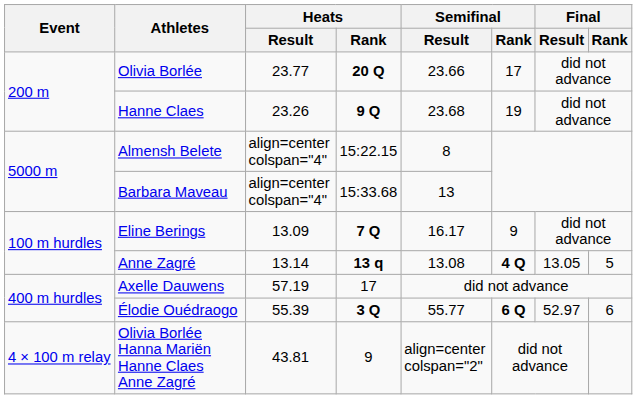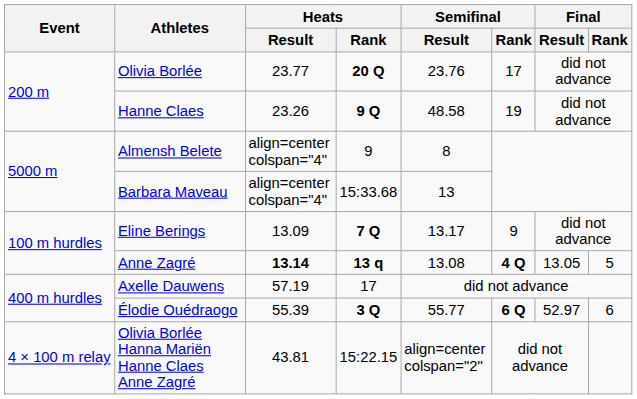 <table class="wikitable" border="1" style="font-size:90%">
 <tr>
 <th rowspan="2" width=100>Event</th>
 <th rowspan="2" width=120>Athletes</th>
 <th colspan="2">Heats</th>
 <th colspan="2">Semifinal</th>
 <th colspan="2">Final</th>
 </tr>
 <tr>
 <th>Result</th>
 <th>Rank</th>
 <th>Result</th>
 <th>Rank</th>
 <th>Result</th>
 <th>Rank</th>
 </tr>
 <tr>
 <td rowspan=2><a href='#'>200 m</a></td>
 <td><a href='#'>Olivia Borlée</a></td>
 <td align=center>23.77</td>
 <td align=center><strong>20 Q</strong></td>
-<td align=center>23.66</td>
+<td align=center>23.76</td>
 <td align=center>17</td>
 <td align=center colspan="2">did not advance</td>
 </tr>
 <tr>
 <td><a href='#'>Hanne Claes</a></td>
 <td align=center>23.26</td>
 <td align=center><strong>9 Q</strong></td>
-<td align=center>23.68</td>
+<td align=center>48.58</td>
 <td align=center>19</td>
 <td align=center colspan="2">did not advance</td>
 </tr>
 <tr>
 <td rowspan=2><a href='#'>5000 m</a></td>
 <td><a href='#'>Almensh Belete</a></td>
 <td>align=center colspan="4" </td>
-<td align=center>15:22.15</td>
+<td align=center>9</td>
 <td align=center>8</td>
 </tr>
 <tr>
 <td><a href='#'>Barbara Maveau</a></td>
 <td>align=center colspan="4" </td>
 <td align=center>15:33.68</td>
 <td align=center>13</td>
 </tr>
 <tr>
 <td rowspan=2><a href='#'>100 m hurdles</a></td>
 <td><a href='#'>Eline Berings</a></td>
 <td align=center>13.09</td>
 <td align=center><strong>7 Q</strong></td>
-<td align=center>16.17</td>
+<td align=center>13.17</td>
 <td align=center>9</td>
 <td align=center colspan="2">did not advance</td>
 </tr>
 <tr>
 <td><a href='#'>Anne Zagré</a></td>
-<td align=center>13.14</td>
+<td align=center><strong>13.14</strong></td>
 <td align=center><strong>13 q</strong></td>
 <td align=center>13.08</td>
 <td align=center><strong>4 Q</strong></td>
 <td align=center>13.05</td>
 <td align=center>5</td>
 </tr>
 <tr>
 <td rowspan=2><a href='#'>400 m hurdles</a></td>
 <td><a href='#'>Axelle Dauwens</a></td>
 <td align=center>57.19</td>
 <td align=center>17</td>
 <td align=center colspan="4">did not advance</td>
 </tr>
 <tr>
 <td><a href='#'>Élodie Ouédraogo</a></td>
 <td align=center>55.39</td>
 <td align=center><strong>3 Q</strong></td>
 <td align=center>55.77</td>
 <td align=center><strong>6 Q</strong></td>
 <td align=center>52.97</td>
 <td align=center>6</td>
 </tr>
 <tr>
 <td><a href='#'>4 × 100 m relay</a></td>
 <td><a href='#'>Olivia Borlée</a><br><a href='#'>Hanna Mariën</a><br><a href='#'>Hanne Claes</a><br><a href='#'>Anne Zagré</a></td>
 <td align=center>43.81</td>
-<td align=center>9</td>
+<td align=center>15:22.15</td>
 <td>align=center colspan="2" </td>
 <td align=center colspan="2">did not advance</td>
 </tr>
 </table>
